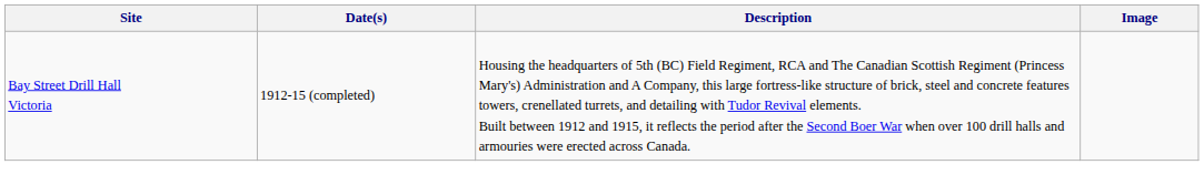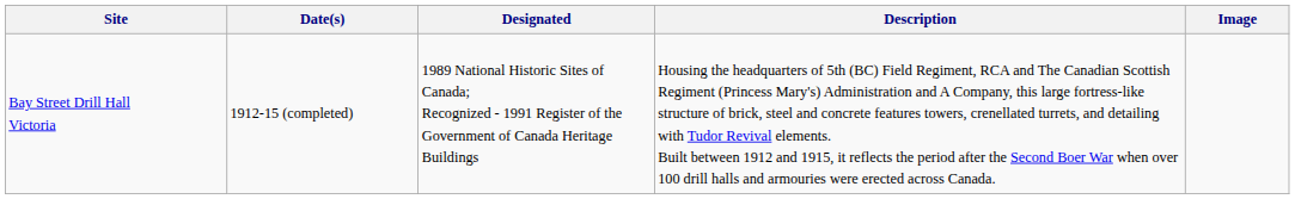 <table class="wikitable sortable" style="font-size:90%; width:100%; border:0; text-align:left; line-height:150%;">
 <tr>
 <th style="background:#f2f2f2; color:navy; width:15%;">Site</th>
 <th style="background:#f2f2f2; color:navy; width:13%;">Date(s)</th>
+<th style="background:#f2f2f2; color:navy; width:16%;">Designated</th>
 <th style="background:#f2f2f2; color:navy; width:36%;" class="unsortable">Description</th>
 <th style="background:#f2f2f2; color:navy; width:7%;" class="unsortable">Image</th>
 </tr>
 <tr>
 <td Bay Street Armoury><a href='#'>Bay Street Drill Hall</a><br><a href='#'>Victoria</a><br></td>
 <td>1912-15 (completed)</td>
+<td>1989 National Historic Sites of Canada;<br>Recognized - 1991 Register of the Government of Canada Heritage Buildings</td>
 <td><br>Housing the headquarters of 5th (BC) Field Regiment, RCA and The Canadian Scottish Regiment (Princess Mary's) Administration and A Company, this large fortress-like structure of brick, steel and concrete features towers, crenellated turrets, and detailing with <a href='#'>Tudor Revival</a> elements.<br> Built between 1912 and 1915, it reflects the period after the <a href='#'>Second Boer War</a> when over 100 drill halls and armouries were erected across Canada.</td>
 <td></td>
 </tr>
 </table>
